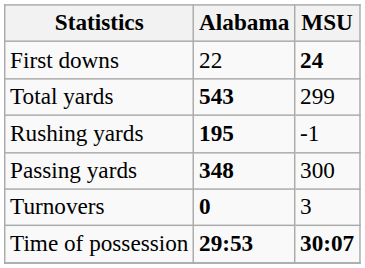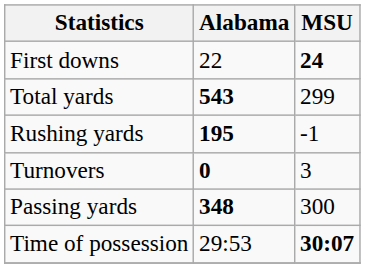 <table class="wikitable" style="float: left;">
 <tr>
 <th>Statistics</th>
 <th>Alabama</th>
 <th>MSU</th>
 </tr>
 <tr>
 <td>First downs</td>
 <td>22</td>
 <td><strong>24</strong></td>
 </tr>
 <tr>
 <td>Total yards</td>
 <td><strong>543</strong></td>
 <td>299</td>
 </tr>
 <tr>
 <td>Rushing yards</td>
 <td><strong>195</strong></td>
 <td>-1</td>
 </tr>
 <tr>
+<td>Turnovers</td>
+<td><strong>0</strong></td>
+<td>3</td>
+</tr>
+<tr>
 <td>Passing yards</td>
 <td><strong>348</strong></td>
 <td>300</td>
 </tr>
 <tr>
-<td>Turnovers</td>
-<td><strong>0</strong></td>
-<td>3</td>
-</tr>
-<tr>
 <td>Time of possession</td>
-<td><strong>29:53</strong></td>
+<td>29:53</td>
 <td><strong>30:07</strong></td>
 </tr>
 <tr>
 </tr>
 </table>
